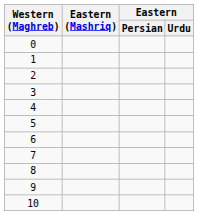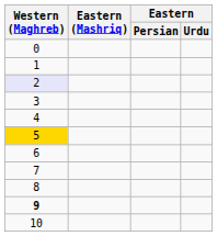 <table class="wikitable floatright" style="text-align:center">
 <tr>
 <th rowspan="2">Western<br>(<a href='#'>Maghreb</a>)</th>
 <th rowspan="2">Eastern<br>(<a href='#'>Mashriq</a>)</th>
 <th colspan="2">Eastern</th>
 </tr>
 <tr>
 <th>Persian</th>
 <th>Urdu</th>
 </tr>
 <tr>
 <td>0</td>
 <td><span></span></td>
 <td><span></span></td>
 <td><span></span></td>
 </tr>
 <tr>
 <td>1</td>
 <td><span></span></td>
 <td><span></span></td>
 <td><span></span></td>
 </tr>
 <tr>
-<td>2</td>
+<td style="background: lavender;">2</td>
 <td><span></span></td>
 <td><span></span></td>
 <td><span></span></td>
 </tr>
 <tr>
 <td>3</td>
 <td><span></span></td>
 <td><span></span></td>
 <td><span></span></td>
 </tr>
 <tr>
 <td>4</td>
 <td><span></span></td>
 <td><span></span></td>
 <td><span></span></td>
 </tr>
 <tr>
-<td>5</td>
+<td style="background: gold;">5</td>
 <td><span></span></td>
 <td><span></span></td>
 <td><span></span></td>
 </tr>
 <tr>
 <td>6</td>
 <td><span></span></td>
 <td><span></span></td>
 <td><span></span></td>
 </tr>
 <tr>
 <td>7</td>
 <td><span></span></td>
 <td><span></span></td>
 <td><span></span></td>
 </tr>
 <tr>
 <td>8</td>
 <td><span></span></td>
 <td><span></span></td>
 <td><span></span></td>
 </tr>
 <tr>
-<td>9</td>
+<td><strong>9</strong></td>
 <td><span></span></td>
 <td><span></span></td>
 <td><span></span></td>
 </tr>
 <tr>
 <td>10</td>
 <td><span></span></td>
 <td><span></span></td>
 <td><span></span></td>
 </tr>
 </table>
